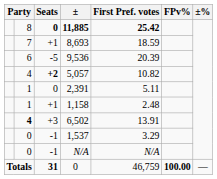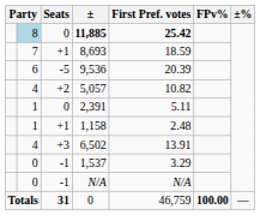 <table class=wikitable>
 <tr>
 <th colspan=2 align=center>Party</th>
 <th valign=top>Seats</th>
 <th valign=top>±</th>
 <th valign=top>First Pref. votes</th>
 <th valign=top>FPv%</th>
 <th valign=top>±%</th>
 </tr>
 <tr>
 <td></td>
-<td align=right>8</td>
-<td align=right><strong>0</strong></td>
+<td align=right style="background: lightblue;">8</td>
+<td align=right>0</td>
 <td align=right><strong>11,885</strong></td>
 <td align=right><strong>25.42</strong></td>
 <td align=right></td>
 </tr>
 <tr>
 <td></td>
 <td align=right>7</td>
 <td align=right>+1</td>
 <td align=right>8,693</td>
 <td align=right>18.59</td>
 <td align=right></td>
 </tr>
 <tr>
 <td></td>
 <td align=right>6</td>
 <td align=right>-5</td>
 <td align=right>9,536</td>
 <td align=right>20.39</td>
 <td align=right></td>
 </tr>
 <tr>
 <td></td>
 <td align=right>4</td>
-<td align=right><strong>+2</strong></td>
+<td align=right>+2</td>
 <td align=right>5,057</td>
 <td align=right>10.82</td>
 <td align=right></td>
 </tr>
 <tr>
 <td></td>
 <td align=right>1</td>
 <td align=right>0</td>
 <td align=right>2,391</td>
 <td align=right>5.11</td>
 <td align=right></td>
 </tr>
 <tr>
 <td></td>
 <td align=right>1</td>
 <td align=right>+1</td>
 <td align=right>1,158</td>
 <td align=right>2.48</td>
 <td align=right></td>
 </tr>
 <tr>
 <td></td>
-<td align=right><strong>4</strong></td>
+<td align=right>4</td>
 <td align=right>+3</td>
 <td align=right>6,502</td>
 <td align=right>13.91</td>
 <td align=right></td>
 </tr>
 <tr>
 <td></td>
 <td align=right>0</td>
 <td align=right>-1</td>
 <td align=right>1,537</td>
 <td align=right>3.29</td>
 <td align=right></td>
 </tr>
 <tr>
 <td></td>
 <td align=right>0</td>
 <td align=right>-1</td>
 <td align=right><em>N/A</em></td>
 <td align=right><em>N/A</em></td>
 <td align=right></td>
 </tr>
 <tr>
 <td colspan=2 align=center><strong>Totals</strong></td>
 <td align=right><strong>31</strong></td>
 <td align=center>0</td>
 <td align=right>46,759</td>
 <td align=center><strong>100.00</strong></td>
 <td align=center>—</td>
 </tr>
 </table>
